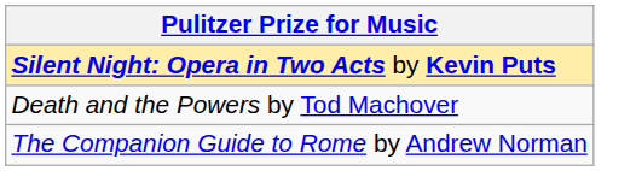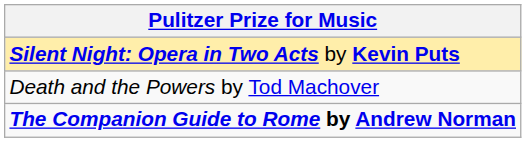 <table class="wikitable" style="float:left; float:none;">
 <tr>
 <th><a href='#'>Pulitzer Prize for Music</a></th>
 </tr>
 <tr>
 <td style="background:#fea;"><strong><em><a href='#'>Silent Night: Opera in Two Acts</a></em></strong> by <strong><a href='#'>Kevin Puts</a></strong></td>
 </tr>
 <tr>
 <td><em>Death and the Powers</em> by <a href='#'>Tod Machover</a></td>
 </tr>
 <tr>
-<td><em><a href='#'>The Companion Guide to Rome</a></em> by <a href='#'>Andrew Norman</a></td>
+<td><strong><em><a href='#'>The Companion Guide to Rome</a></em> by <a href='#'>Andrew Norman</a></strong></td>
 </tr>
 </table>
